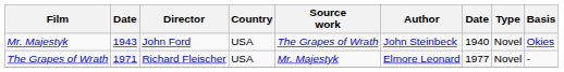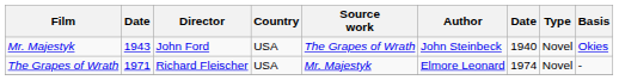 <table class="wikitable">
 <tr>
 <th>Film</th>
 <th>Date</th>
 <th>Director</th>
 <th>Country</th>
 <th>Source<br>work</th>
 <th>Author</th>
 <th>Date</th>
 <th>Type</th>
 <th>Basis</th>
 </tr>
 <tr>
 <td><em><a href='#'>Mr. Majestyk</a></em></td>
 <td><a href='#'>1943</a></td>
 <td><a href='#'>John Ford</a></td>
 <td>USA</td>
 <td><em><a href='#'>The Grapes of Wrath</a></em> </td>
 <td><a href='#'>John Steinbeck</a></td>
 <td>1940</td>
 <td>Novel</td>
 <td><a href='#'>Okies</a></td>
 </tr>
 <tr>
 <td><em><a href='#'>The Grapes of Wrath</a></em> </td>
 <td><a href='#'>1971</a></td>
 <td><a href='#'>Richard Fleischer</a></td>
 <td>USA</td>
 <td><em><a href='#'>Mr. Majestyk</a></em></td>
 <td><a href='#'>Elmore Leonard</a></td>
-<td>1977 </td>
+<td>1974 </td>
 <td>Novel</td>
 <td>-</td>
 </tr>
 <tr>
 </tr>
 </table>
